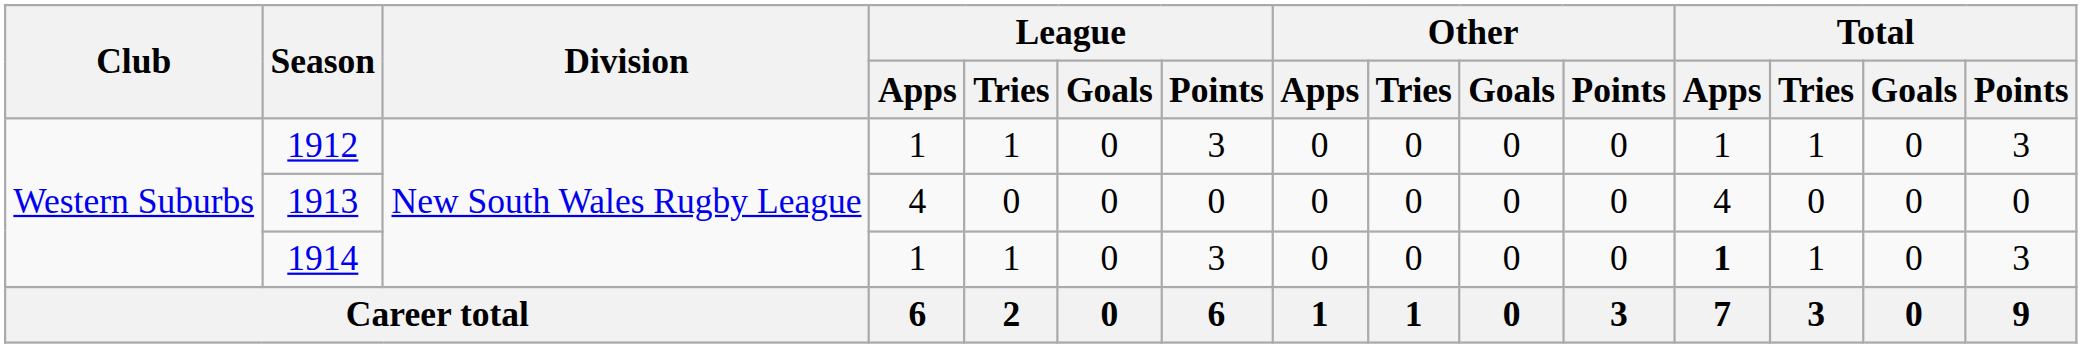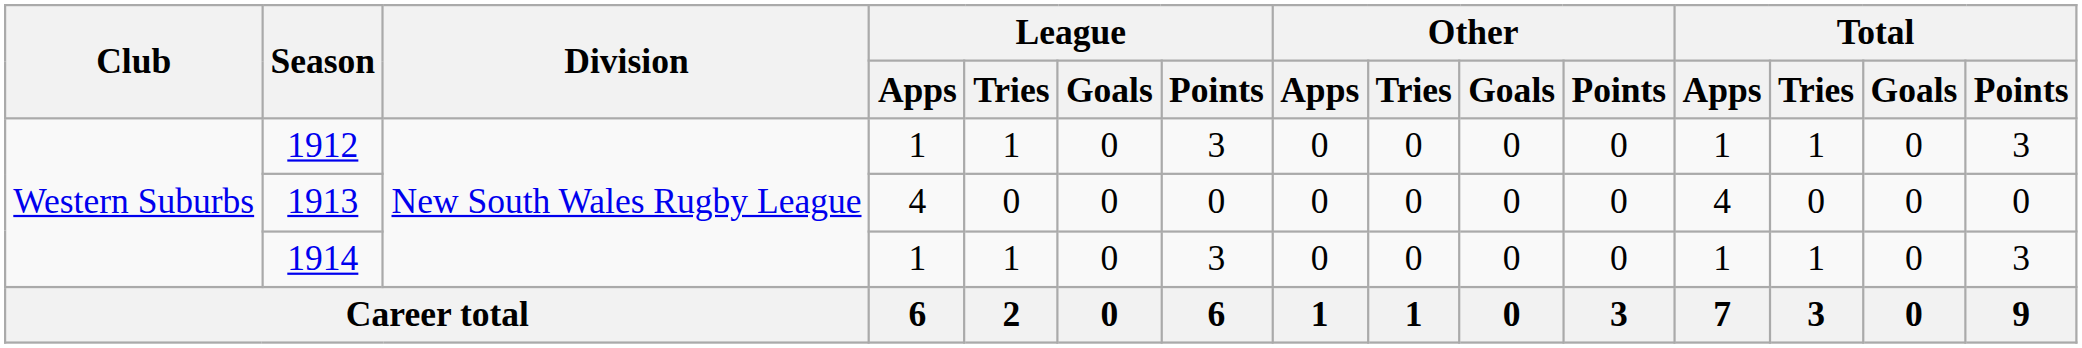 <table class="wikitable" style="text-align:center;">
 <tr>
 <th rowspan="2">Club</th>
 <th rowspan="2">Season</th>
 <th rowspan="2">Division</th>
 <th colspan="4">League</th>
 <th colspan="4">Other</th>
 <th colspan="4">Total</th>
 </tr>
 <tr>
 <th>Apps</th>
 <th>Tries</th>
 <th>Goals</th>
 <th>Points</th>
 <th>Apps</th>
 <th>Tries</th>
 <th>Goals</th>
 <th>Points</th>
 <th>Apps</th>
 <th>Tries</th>
 <th>Goals</th>
 <th>Points</th>
 </tr>
 <tr>
 <td rowspan="3"><a href='#'>Western Suburbs</a></td>
 <td><a href='#'>1912</a></td>
 <td rowspan="3"><a href='#'>New South Wales Rugby League</a></td>
 <td>1</td>
 <td>1</td>
 <td>0</td>
 <td>3</td>
 <td>0</td>
 <td>0</td>
 <td>0</td>
 <td>0</td>
 <td>1</td>
 <td>1</td>
 <td>0</td>
 <td>3</td>
 </tr>
 <tr>
 <td><a href='#'>1913</a></td>
 <td>4</td>
 <td>0</td>
 <td>0</td>
 <td>0</td>
 <td>0</td>
 <td>0</td>
 <td>0</td>
 <td>0</td>
 <td>4</td>
 <td>0</td>
 <td>0</td>
 <td>0</td>
 </tr>
 <tr>
 <td><a href='#'>1914</a></td>
 <td>1</td>
 <td>1</td>
 <td>0</td>
 <td>3</td>
 <td>0</td>
 <td>0</td>
 <td>0</td>
 <td>0</td>
-<td><strong>1</strong></td>
+<td>1</td>
 <td>1</td>
 <td>0</td>
 <td>3</td>
 </tr>
 <tr>
 <th colspan="3">Career total</th>
 <th>6</th>
 <th>2</th>
 <th>0</th>
 <th>6</th>
 <th>1</th>
 <th>1</th>
 <th>0</th>
 <th>3</th>
 <th>7</th>
 <th>3</th>
 <th>0</th>
 <th>9</th>
 </tr>
 </table>
